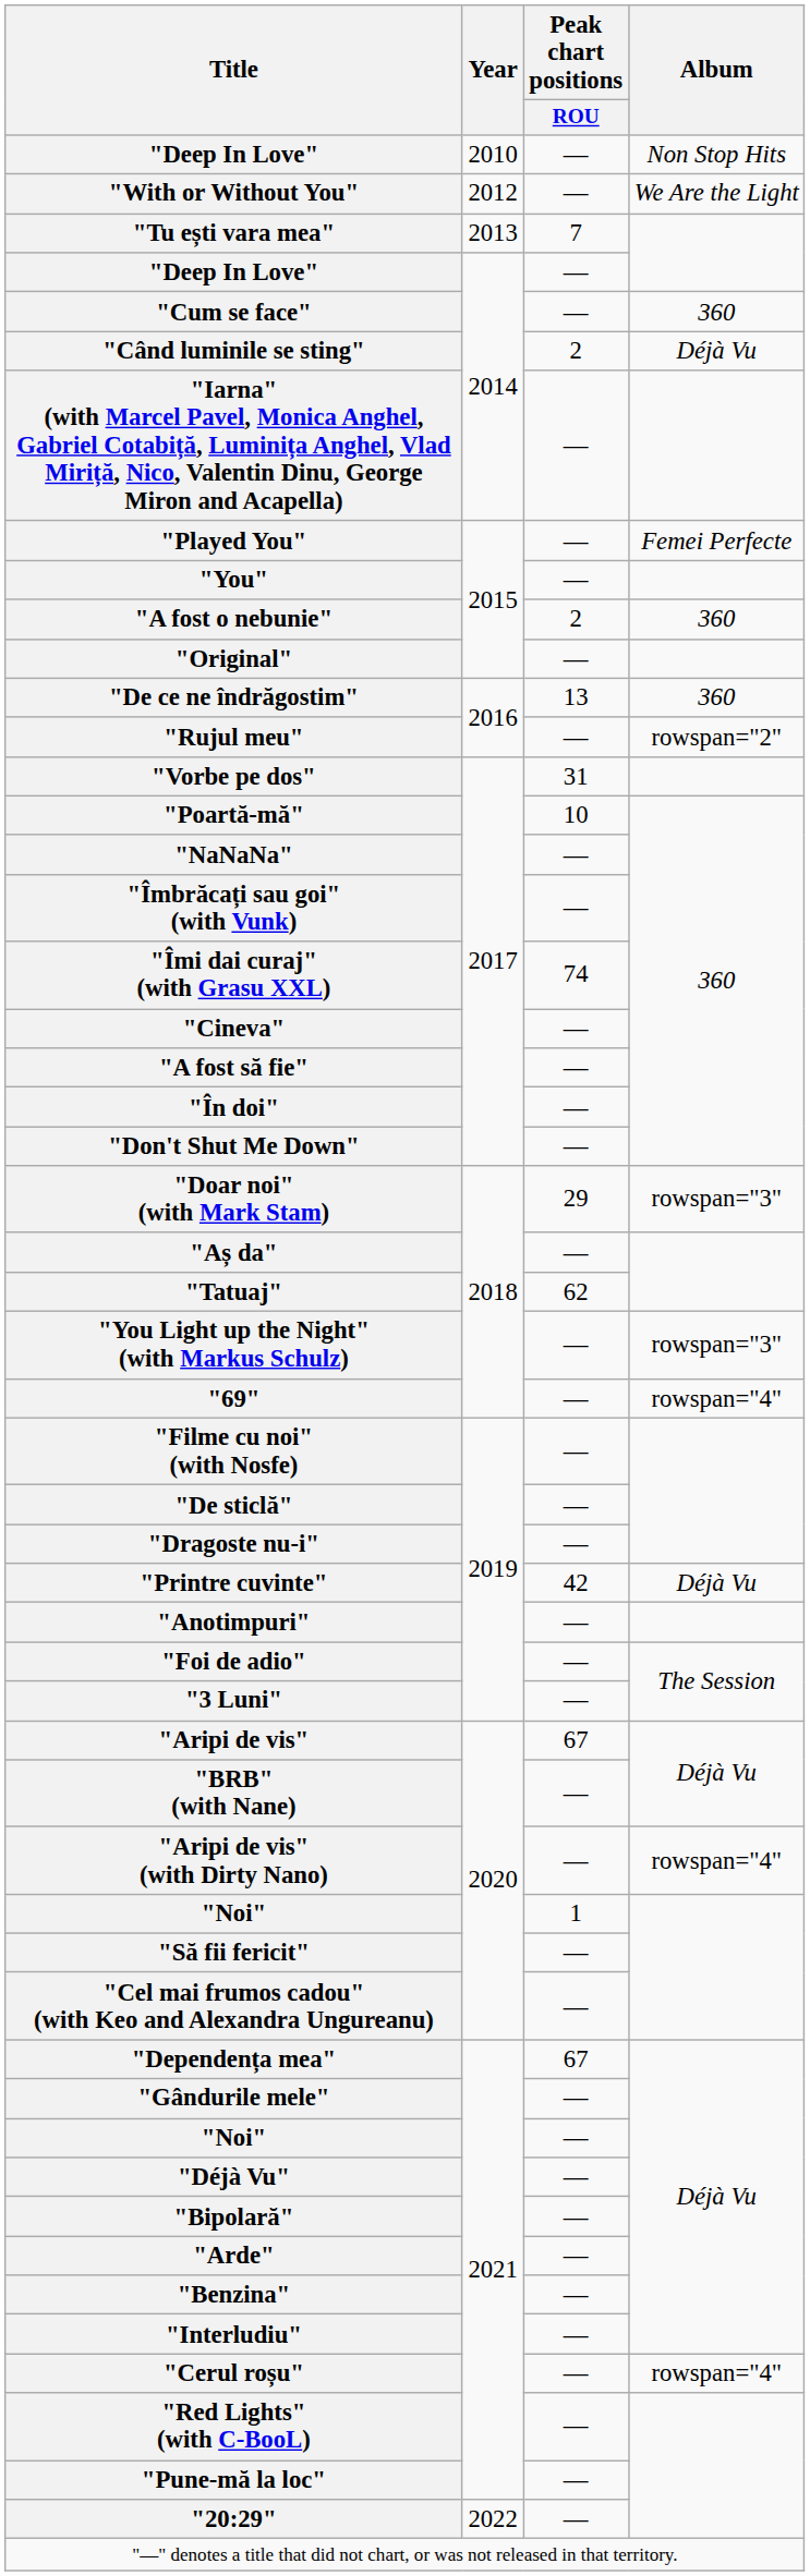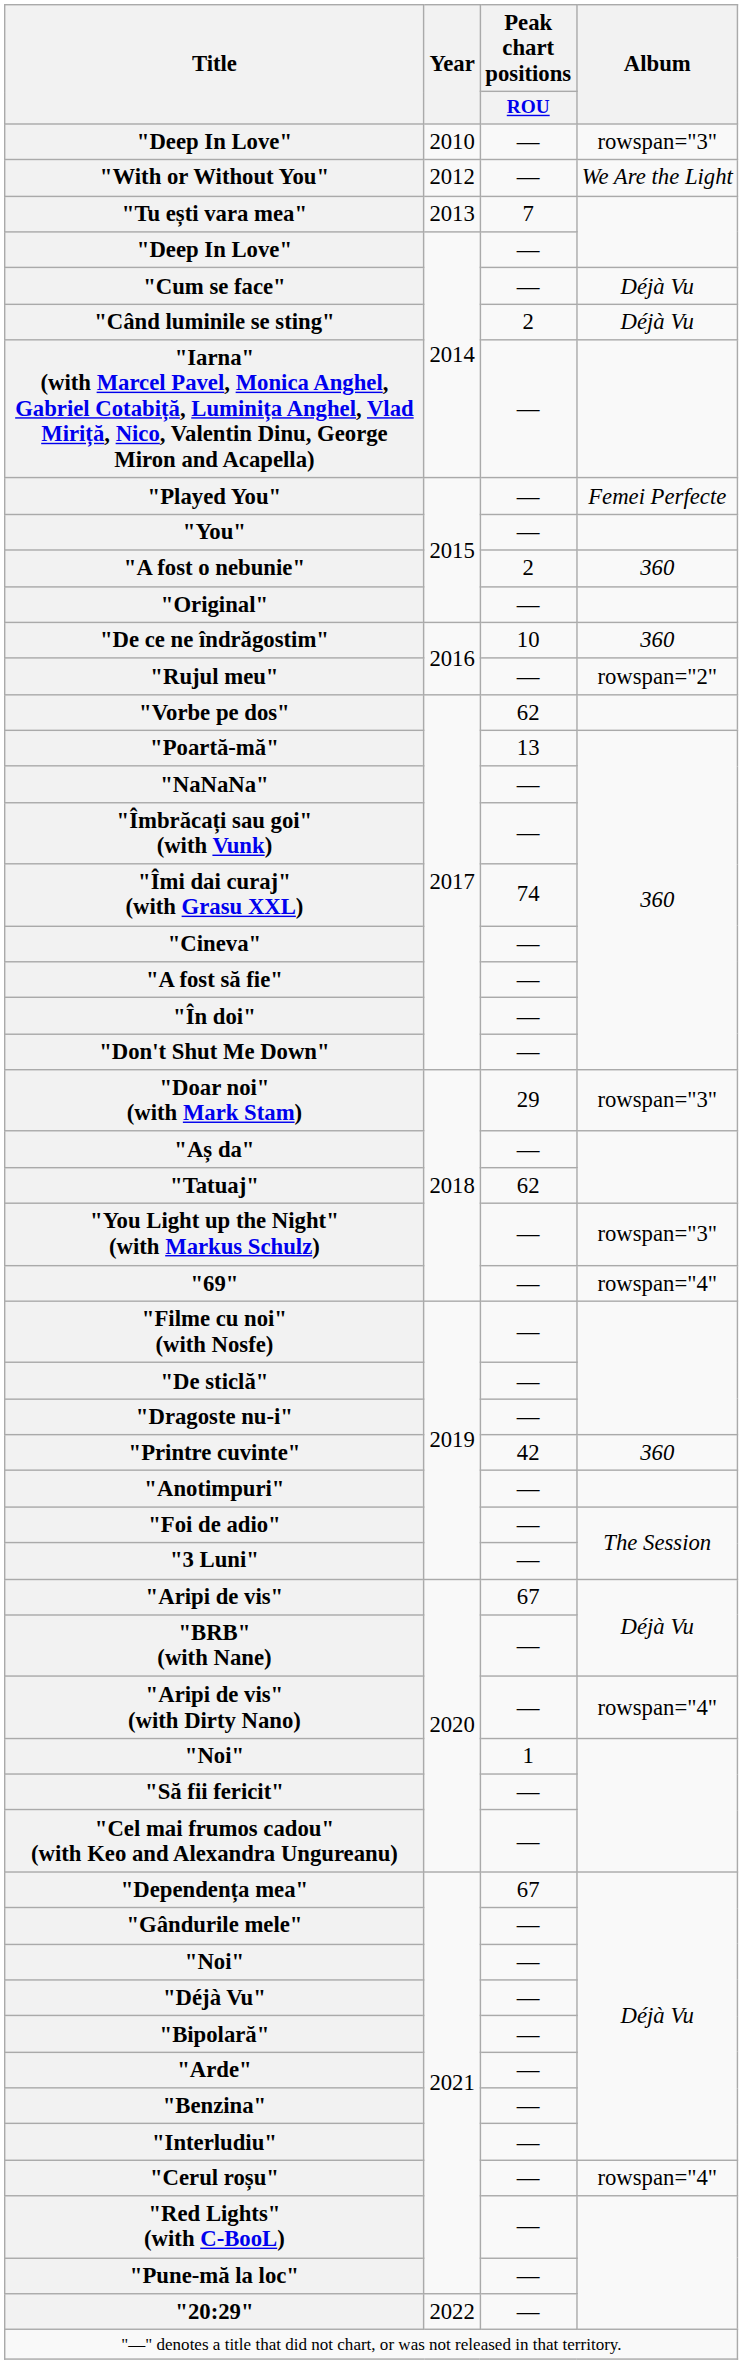 <table class="wikitable plainrowheaders" style="text-align:center;">
 <tr>
 <th scope="col" rowspan="2" style="width:18em;">Title</th>
 <th scope="col" rowspan="2" style="width:1em;">Year</th>
 <th scope="col" colspan="1">Peak chart positions</th>
 <th scope="col" rowspan="2">Album</th>
 </tr>
 <tr>
 <th style="width:3em;font-size:85%"><a href='#'>ROU</a><br></th>
 </tr>
 <tr>
 <th scope="row">"Deep In Love"</th>
 <td>2010</td>
 <td>—</td>
-<td><em>Non Stop Hits</em></td>
+<td>rowspan="3" </td>
 </tr>
 <tr>
 <th scope="row">"With or Without You"</th>
 <td>2012</td>
 <td>—</td>
 <td><em>We Are the Light</em></td>
 </tr>
 <tr>
 <th scope="row">"Tu ești vara mea"</th>
 <td>2013</td>
 <td>7</td>
 </tr>
 <tr>
 <th scope="row">"Deep In Love"</th>
 <td rowspan="4">2014</td>
 <td>—</td>
 </tr>
 <tr>
 <th scope="row">"Cum se face"</th>
 <td>—</td>
-<td><em>360</em></td>
+<td><em>Déjà Vu</em></td>
 </tr>
 <tr>
 <th scope="row">"Când luminile se sting"</th>
 <td>2</td>
 <td><em>Déjà Vu</em></td>
 </tr>
 <tr>
 <th scope="row">"Iarna"<br><span>(with <a href='#'>Marcel Pavel</a>, <a href='#'>Monica Anghel</a>, <a href='#'>Gabriel Cotabiță</a>, <a href='#'>Luminița Anghel</a>, <a href='#'>Vlad Miriță</a>, <a href='#'>Nico</a>, Valentin Dinu, George Miron and Acapella)</span></th>
 <td>—</td>
 </tr>
 <tr>
 <th scope="row">"Played You"</th>
 <td rowspan="4">2015</td>
 <td>—</td>
 <td><em>Femei Perfecte</em></td>
 </tr>
 <tr>
 <th scope="row">"You"</th>
 <td>—</td>
 <td></td>
 </tr>
 <tr>
 <th scope="row">"A fost o nebunie"</th>
 <td>2</td>
 <td><em>360</em></td>
 </tr>
 <tr>
 <th scope="row">"Original"</th>
 <td>—</td>
 <td></td>
 </tr>
 <tr>
 <th scope="row">"De ce ne îndrăgostim"</th>
 <td rowspan="2">2016</td>
-<td>13</td>
+<td>10</td>
 <td><em>360</em></td>
 </tr>
 <tr>
 <th scope="row">"Rujul meu"</th>
 <td>—</td>
 <td>rowspan="2" </td>
 </tr>
 <tr>
 <th scope="row">"Vorbe pe dos"</th>
 <td rowspan="9">2017</td>
-<td>31</td>
+<td>62</td>
 </tr>
 <tr>
 <th scope="row">"Poartă-mă"</th>
-<td>10</td>
+<td>13</td>
 <td rowspan="8"><em>360</em></td>
 </tr>
 <tr>
 <th scope="row">"NaNaNa"</th>
 <td>—</td>
 </tr>
 <tr>
 <th scope="row">"Îmbrăcați sau goi"<br><span>(with <a href='#'>Vunk</a>)</span></th>
 <td>—</td>
 </tr>
 <tr>
 <th scope="row">"Îmi dai curaj"<br><span>(with <a href='#'>Grasu XXL</a>)</span></th>
 <td>74</td>
 </tr>
 <tr>
 <th scope="row">"Cineva"</th>
 <td>—</td>
 </tr>
 <tr>
 <th scope="row">"A fost să fie"</th>
 <td>—</td>
 </tr>
 <tr>
 <th scope="row">"În doi"</th>
 <td>—</td>
 </tr>
 <tr>
 <th scope="row">"Don't Shut Me Down"</th>
 <td>—</td>
 </tr>
 <tr>
 <th scope="row">"Doar noi"<br><span>(with <a href='#'>Mark Stam</a>)</span></th>
 <td rowspan="5">2018</td>
 <td>29</td>
 <td>rowspan="3" </td>
 </tr>
 <tr>
 <th scope="row">"Aș da"</th>
 <td>—</td>
 </tr>
 <tr>
 <th scope="row">"Tatuaj"</th>
 <td>62</td>
 </tr>
 <tr>
 <th scope="row">"You Light up the Night"<br><span>(with <a href='#'>Markus Schulz</a>)</span></th>
 <td>—</td>
 <td>rowspan="3" </td>
 </tr>
 <tr>
 <th scope="row">"69"</th>
 <td>—</td>
 <td>rowspan="4" </td>
 </tr>
 <tr>
 <th scope="row">"Filme cu noi"<br><span>(with Nosfe)</span></th>
 <td rowspan="7">2019</td>
 <td>—</td>
 </tr>
 <tr>
 <th scope="row">"De sticlă"</th>
 <td>—</td>
 </tr>
 <tr>
 <th scope="row">"Dragoste nu-i"</th>
 <td>—</td>
 </tr>
 <tr>
 <th scope="row">"Printre cuvinte"</th>
 <td>42</td>
-<td><em>Déjà Vu</em></td>
+<td><em>360</em></td>
 </tr>
 <tr>
 <th scope="row">"Anotimpuri"</th>
 <td>—</td>
 <td></td>
 </tr>
 <tr>
 <th scope="row">"Foi de adio"</th>
 <td>—</td>
 <td rowspan="2"><em>The Session</em></td>
 </tr>
 <tr>
 <th scope="row">"3 Luni"</th>
 <td>—</td>
 </tr>
 <tr>
 <th scope="row">"Aripi de vis"</th>
 <td rowspan="6">2020</td>
 <td>67</td>
 <td rowspan="2"><em>Déjà Vu</em></td>
 </tr>
 <tr>
 <th scope="row">"BRB"<br><span>(with Nane)</span></th>
 <td>—</td>
 </tr>
 <tr>
 <th scope="row">"Aripi de vis"<br><span>(with Dirty Nano)</span></th>
 <td>—</td>
 <td>rowspan="4" </td>
 </tr>
 <tr>
 <th scope="row">"Noi"</th>
 <td>1</td>
 </tr>
 <tr>
 <th scope="row">"Să fii fericit"</th>
 <td>—</td>
 </tr>
 <tr>
 <th scope="row">"Cel mai frumos cadou"<br><span>(with Keo and Alexandra Ungureanu)</span></th>
 <td>—</td>
 </tr>
 <tr>
 <th scope="row">"Dependența mea"</th>
 <td rowspan="11">2021</td>
 <td>67</td>
 <td rowspan="8"><em>Déjà Vu</em></td>
 </tr>
 <tr>
 <th scope="row">"Gândurile mele"</th>
 <td>—</td>
 </tr>
 <tr>
 <th scope="row">"Noi"</th>
 <td>—</td>
 </tr>
 <tr>
 <th scope="row">"Déjà Vu"</th>
 <td>—</td>
 </tr>
 <tr>
 <th scope="row">"Bipolară"</th>
 <td>—</td>
 </tr>
 <tr>
 <th scope="row">"Arde"</th>
 <td>—</td>
 </tr>
 <tr>
 <th scope="row">"Benzina"</th>
 <td>—</td>
 </tr>
 <tr>
 <th scope="row">"Interludiu"</th>
 <td>—</td>
 </tr>
 <tr>
 <th scope="row">"Cerul roșu"</th>
 <td>—</td>
 <td>rowspan="4" </td>
 </tr>
 <tr>
 <th scope="row">"Red Lights"<br><span>(with <a href='#'>C-BooL</a>)</span></th>
 <td>—</td>
 </tr>
 <tr>
 <th scope="row">"Pune-mă la loc"</th>
 <td>—</td>
 </tr>
 <tr>
 <th scope="row">"20:29"</th>
 <td rowspan="1">2022</td>
 <td>—</td>
 </tr>
 <tr>
 <td colspan="6" style="font-size:9pt">"—" denotes a title that did not chart, or was not released in that territory.</td>
 </tr>
 </table>
